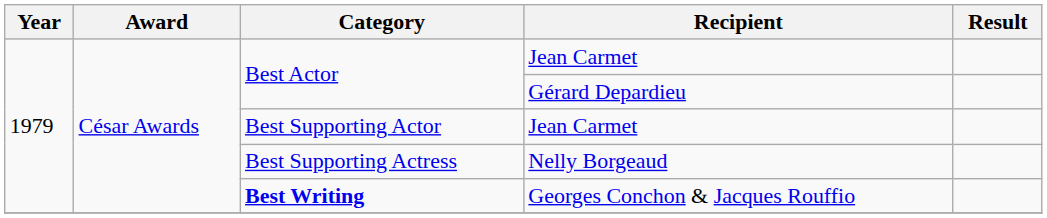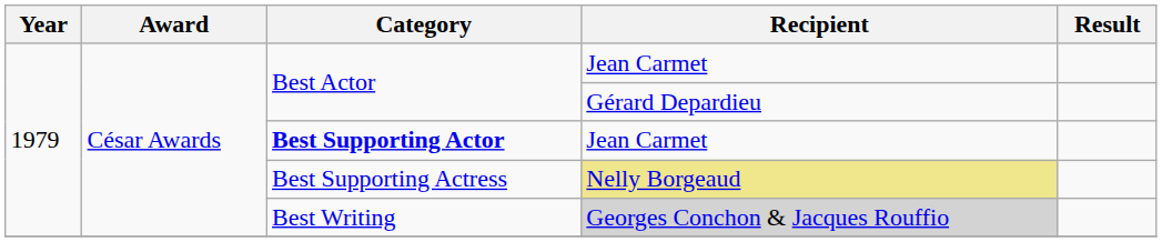 <table class="wikitable" style="width:60%;">
 <tr>
 <th>Year</th>
 <th>Award</th>
 <th>Category</th>
 <th>Recipient</th>
 <th>Result</th>
 </tr>
 <tr>
 <td rowspan=5>1979</td>
 <td rowspan=5><a href='#'>César Awards</a></td>
 <td rowspan=2><a href='#'>Best Actor</a></td>
 <td><a href='#'>Jean Carmet</a></td>
 <td></td>
 </tr>
 <tr>
 <td><a href='#'>Gérard Depardieu</a></td>
 <td></td>
 </tr>
 <tr>
-<td><a href='#'>Best Supporting Actor</a></td>
+<td><strong><a href='#'>Best Supporting Actor</a></strong></td>
 <td><a href='#'>Jean Carmet</a></td>
 <td></td>
 </tr>
 <tr>
 <td><a href='#'>Best Supporting Actress</a></td>
-<td><a href='#'>Nelly Borgeaud</a></td>
+<td style="background: khaki;"><a href='#'>Nelly Borgeaud</a></td>
 <td></td>
 </tr>
 <tr>
-<td><strong><a href='#'>Best Writing</a></strong></td>
-<td><a href='#'>Georges Conchon</a> & <a href='#'>Jacques Rouffio</a></td>
+<td><a href='#'>Best Writing</a></td>
+<td style="background: lightgrey;"><a href='#'>Georges Conchon</a> & <a href='#'>Jacques Rouffio</a></td>
 <td></td>
 </tr>
 <tr>
 </tr>
 </table>
